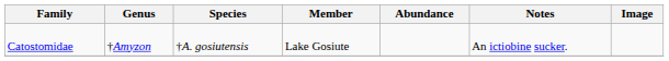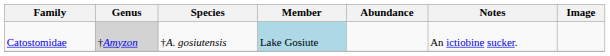 <table class="wikitable" style="margin:auto;width:100%;">
 <tr>
 <th>Family</th>
 <th>Genus</th>
 <th>Species</th>
 <th>Member</th>
 <th>Abundance</th>
 <th>Notes</th>
 <th>Image</th>
 </tr>
 <tr>
 <td><br><a href='#'>Catostomidae</a></td>
-<td><br>†<em><a href='#'>Amyzon</a></em></td>
+<td style="background: lightgrey;"><br>†<em><a href='#'>Amyzon</a></em></td>
 <td><br>†<em>A. gosiutensis</em> </td>
-<td><br>Lake Gosiute</td>
+<td style="background: lightblue;"><br>Lake Gosiute</td>
 <td></td>
 <td><br>An <a href='#'>ictiobine</a> <a href='#'>sucker</a>.</td>
 <td><br></td>
 </tr>
 <tr>
 </tr>
 </table>
